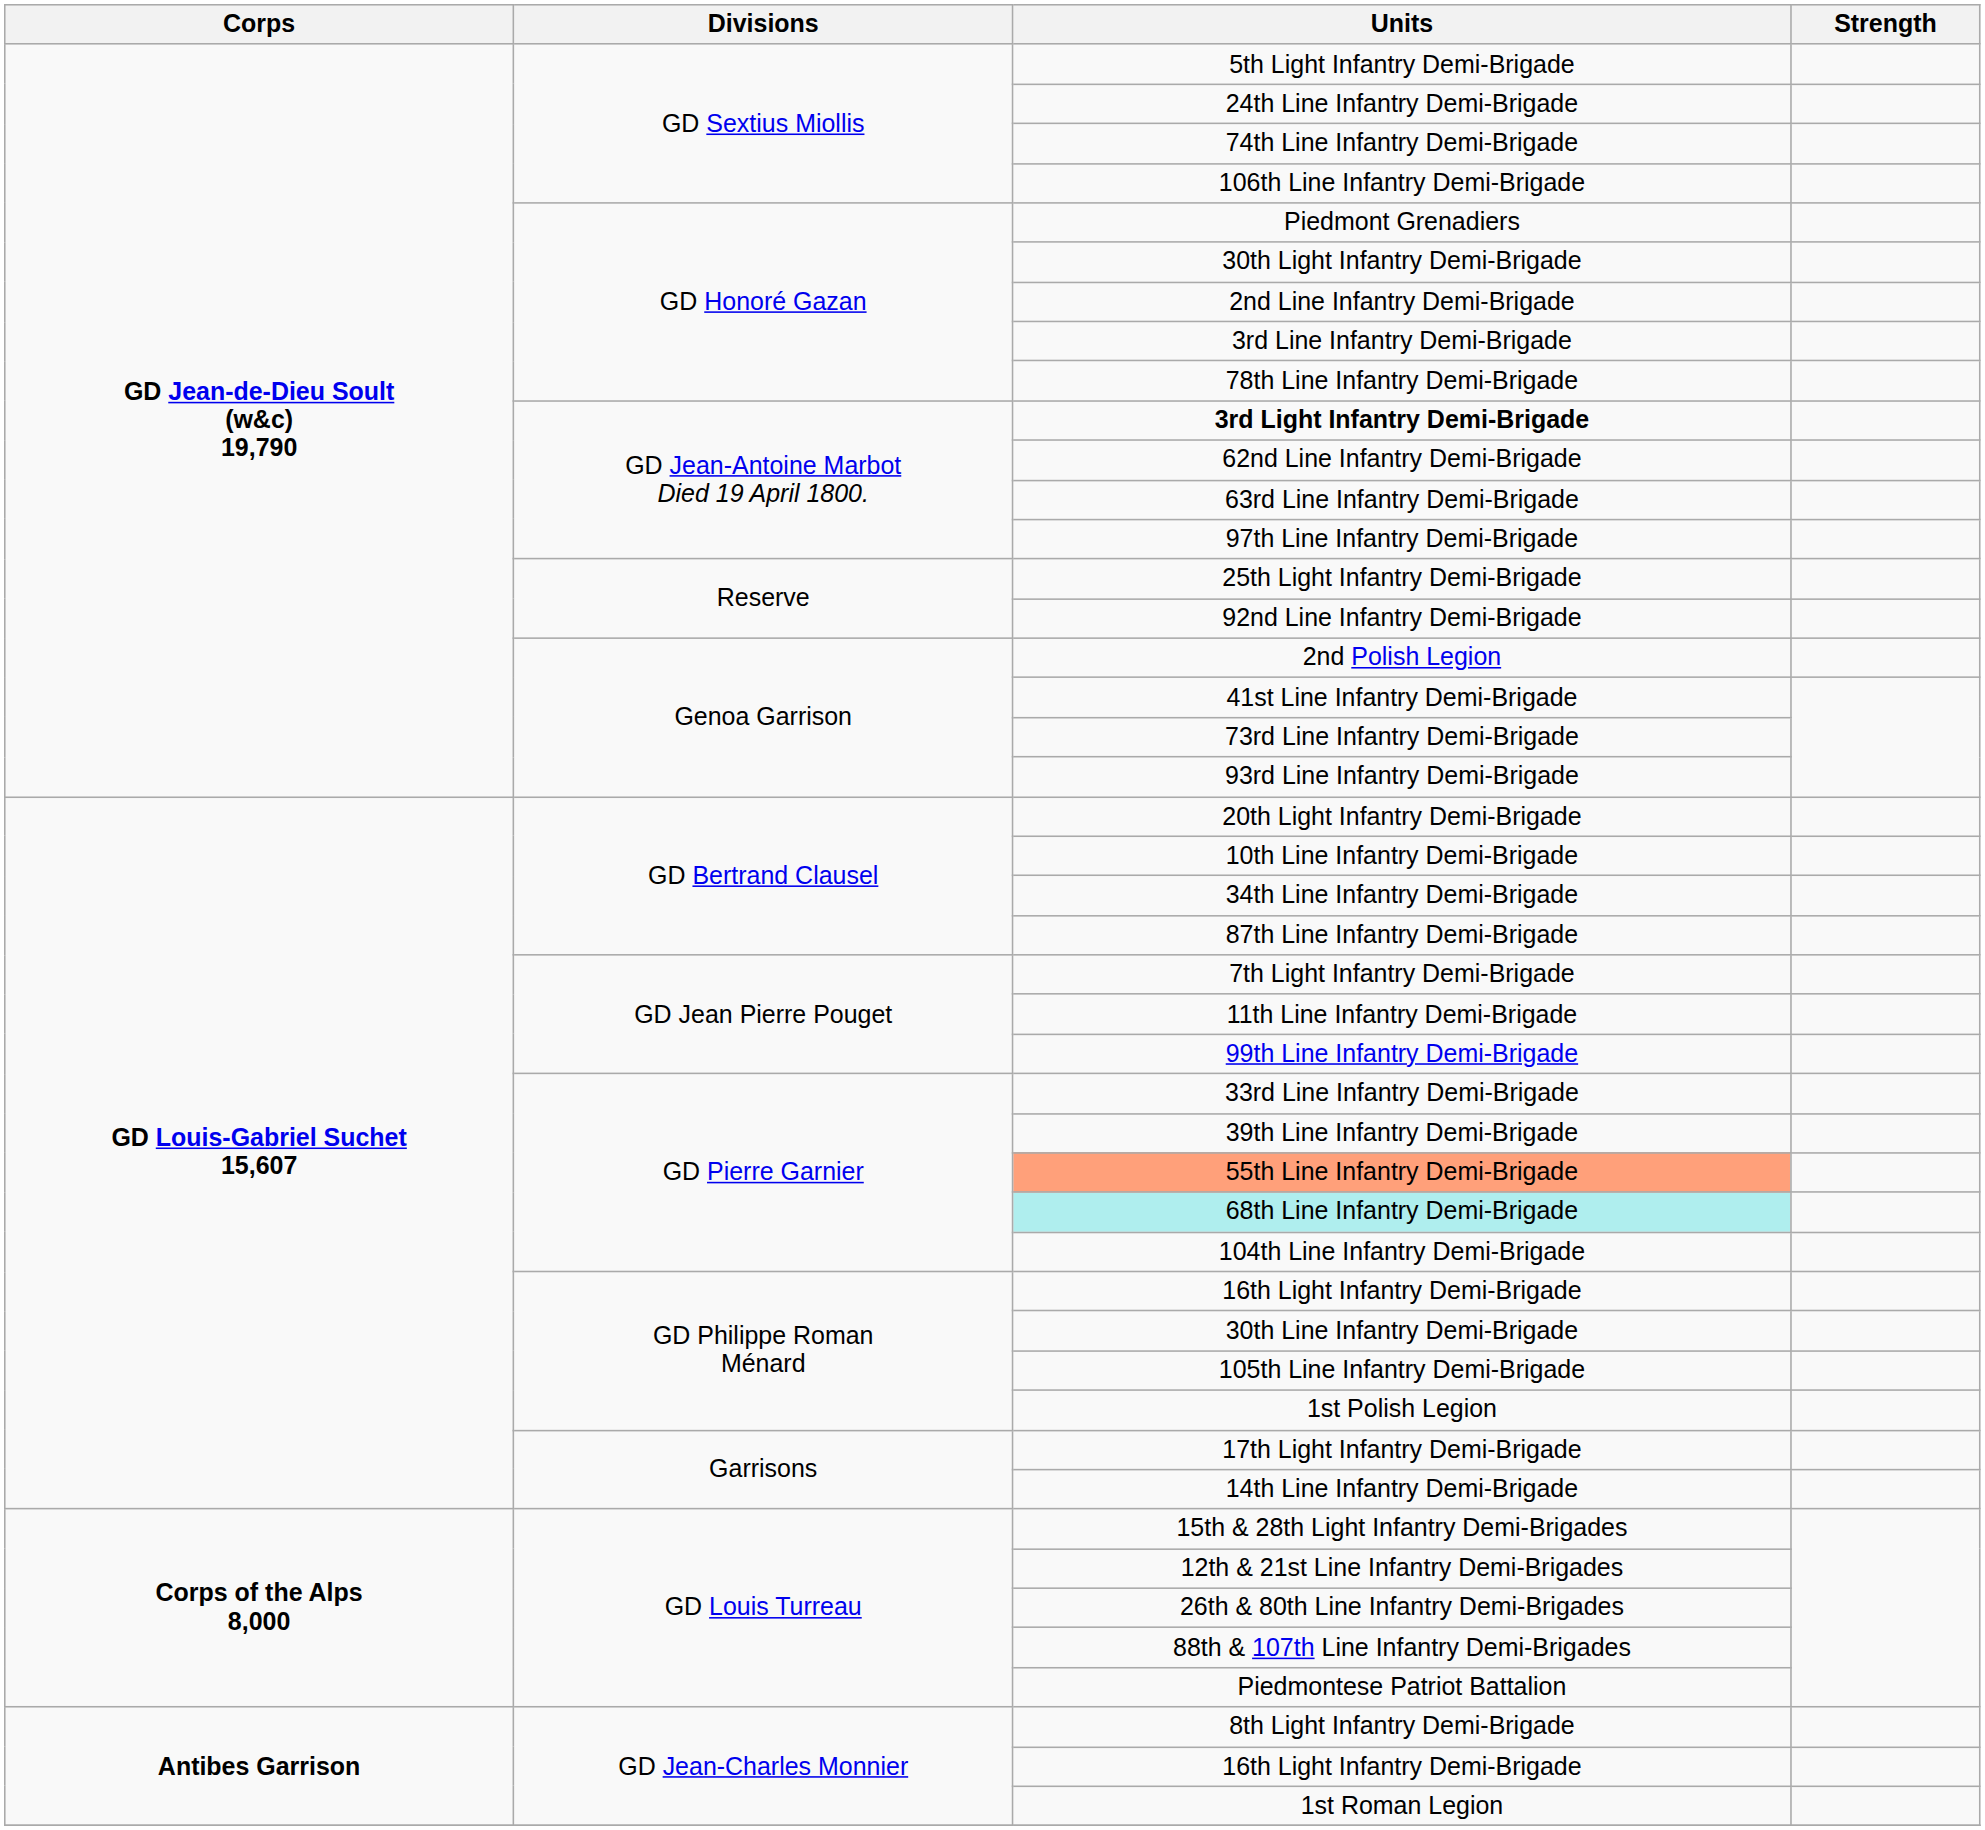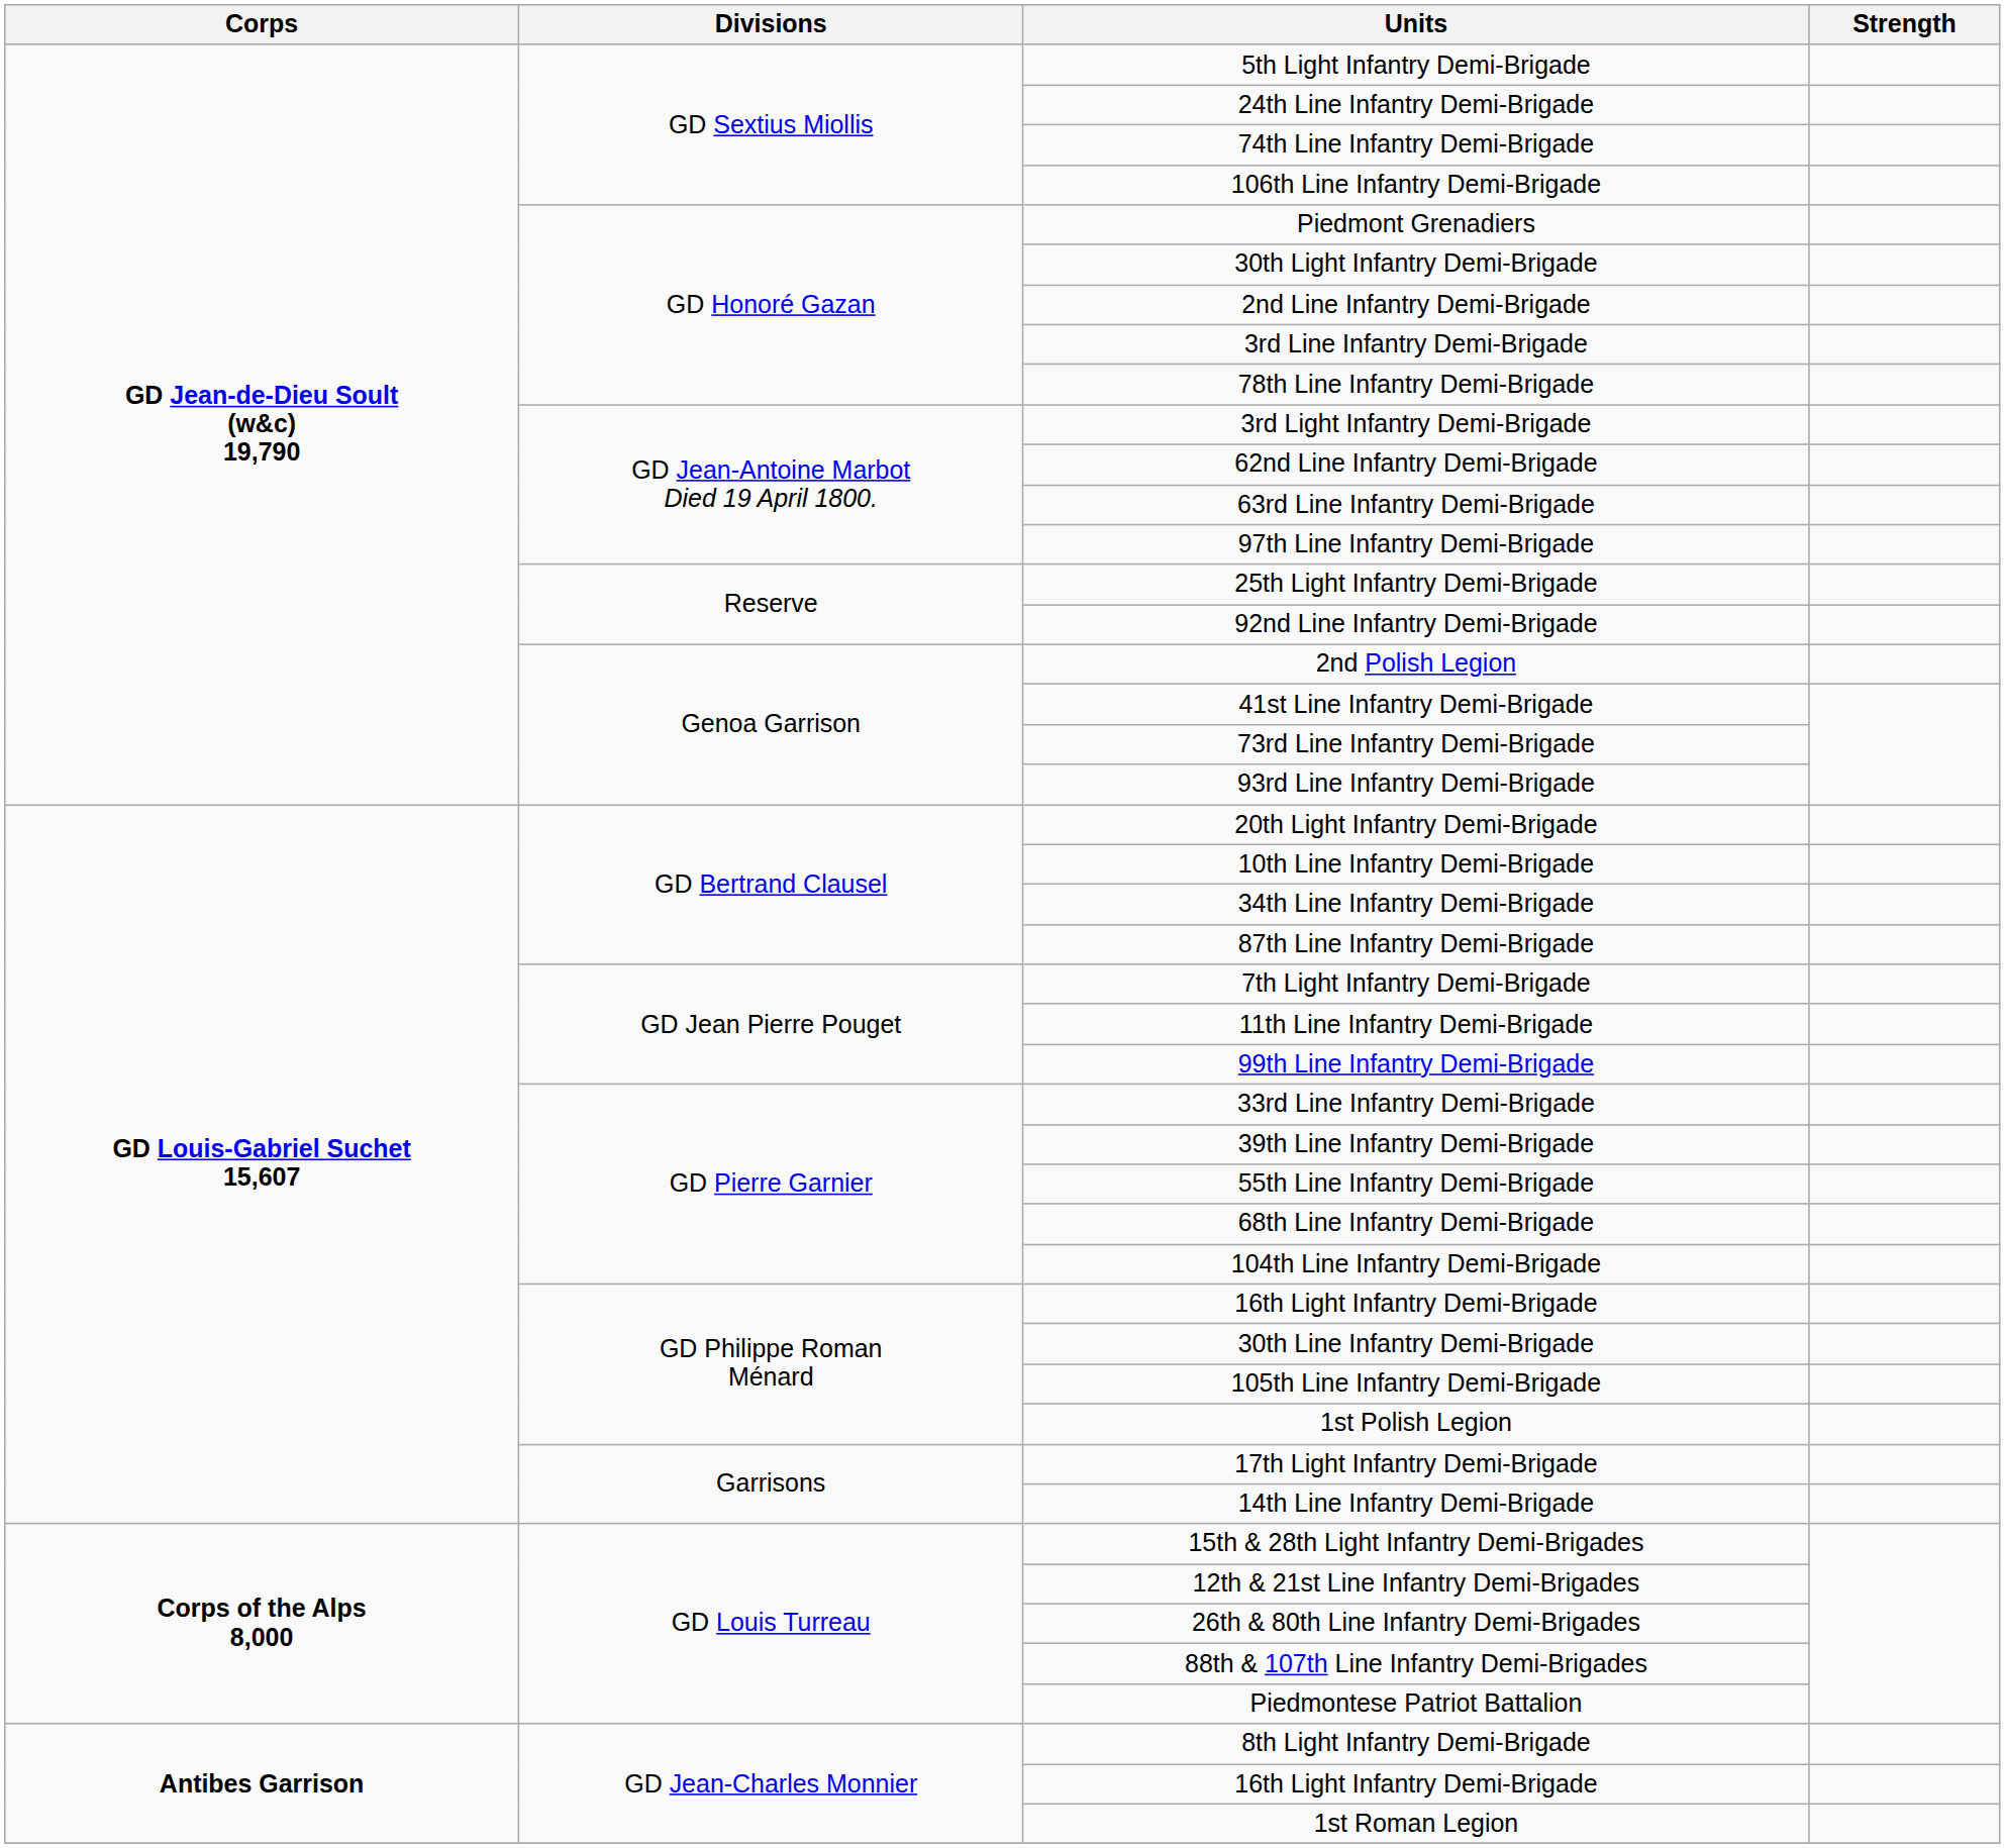 <table class="wikitable" style="text-align:center; width:80%;">
 <tr>
 <th>Corps</th>
 <th>Divisions</th>
 <th>Units</th>
 <th>Strength</th>
 </tr>
 <tr>
 <td rowspan=19><strong>GD <a href='#'>Jean-de-Dieu Soult</a><br>(w&c)<br>19,790</strong></td>
 <td rowspan=4>GD <a href='#'>Sextius Miollis</a></td>
 <td>5th Light Infantry Demi-Brigade</td>
 <td></td>
 </tr>
 <tr>
 <td>24th Line Infantry Demi-Brigade</td>
 <td></td>
 </tr>
 <tr>
 <td>74th Line Infantry Demi-Brigade</td>
 <td></td>
 </tr>
 <tr>
 <td>106th Line Infantry Demi-Brigade</td>
 <td></td>
 </tr>
 <tr>
 <td rowspan=5>GD <a href='#'>Honoré Gazan</a></td>
 <td>Piedmont Grenadiers</td>
 <td></td>
 </tr>
 <tr>
 <td>30th Light Infantry Demi-Brigade</td>
 <td></td>
 </tr>
 <tr>
 <td>2nd Line Infantry Demi-Brigade</td>
 <td></td>
 </tr>
 <tr>
 <td>3rd Line Infantry Demi-Brigade</td>
 <td></td>
 </tr>
 <tr>
 <td>78th Line Infantry Demi-Brigade</td>
 <td></td>
 </tr>
 <tr>
 <td rowspan=4>GD <a href='#'>Jean-Antoine Marbot</a><br><em>Died 19 April 1800.</em></td>
-<td><strong>3rd Light Infantry Demi-Brigade</strong></td>
+<td>3rd Light Infantry Demi-Brigade</td>
 <td></td>
 </tr>
 <tr>
 <td>62nd Line Infantry Demi-Brigade</td>
 <td></td>
 </tr>
 <tr>
 <td>63rd Line Infantry Demi-Brigade</td>
 <td></td>
 </tr>
 <tr>
 <td>97th Line Infantry Demi-Brigade</td>
 <td></td>
 </tr>
 <tr>
 <td rowspan=2>Reserve</td>
 <td>25th Light Infantry Demi-Brigade</td>
 <td></td>
 </tr>
 <tr>
 <td>92nd Line Infantry Demi-Brigade</td>
 <td></td>
 </tr>
 <tr>
 <td rowspan=4>Genoa Garrison</td>
 <td>2nd <a href='#'>Polish Legion</a></td>
 <td></td>
 </tr>
 <tr>
 <td>41st Line Infantry Demi-Brigade</td>
 <td rowspan=3></td>
 </tr>
 <tr>
 <td>73rd Line Infantry Demi-Brigade</td>
 </tr>
 <tr>
 <td>93rd Line Infantry Demi-Brigade</td>
 </tr>
 <tr>
 <td rowspan=18><strong>GD <a href='#'>Louis-Gabriel Suchet</a></strong><br><strong>15,607</strong></td>
 <td rowspan=4>GD <a href='#'>Bertrand Clausel</a></td>
 <td>20th Light Infantry Demi-Brigade</td>
 <td></td>
 </tr>
 <tr>
 <td>10th Line Infantry Demi-Brigade</td>
 <td></td>
 </tr>
 <tr>
 <td>34th Line Infantry Demi-Brigade</td>
 <td></td>
 </tr>
 <tr>
 <td>87th Line Infantry Demi-Brigade</td>
 <td></td>
 </tr>
 <tr>
 <td rowspan=3>GD Jean Pierre Pouget</td>
 <td>7th Light Infantry Demi-Brigade</td>
 <td></td>
 </tr>
 <tr>
 <td>11th Line Infantry Demi-Brigade</td>
 <td></td>
 </tr>
 <tr>
 <td><a href='#'>99th Line Infantry Demi-Brigade</a></td>
 <td></td>
 </tr>
 <tr>
 <td rowspan=5>GD <a href='#'>Pierre Garnier</a></td>
 <td>33rd Line Infantry Demi-Brigade</td>
 <td></td>
 </tr>
 <tr>
 <td>39th Line Infantry Demi-Brigade</td>
 <td></td>
 </tr>
 <tr>
-<td style="background: lightsalmon;">55th Line Infantry Demi-Brigade</td>
+<td>55th Line Infantry Demi-Brigade</td>
 <td></td>
 </tr>
 <tr>
-<td style="background: paleturquoise;">68th Line Infantry Demi-Brigade</td>
+<td>68th Line Infantry Demi-Brigade</td>
 <td></td>
 </tr>
 <tr>
 <td>104th Line Infantry Demi-Brigade</td>
 <td></td>
 </tr>
 <tr>
 <td rowspan=4>GD Philippe Roman<br>Ménard</td>
 <td>16th Light Infantry Demi-Brigade</td>
 <td></td>
 </tr>
 <tr>
 <td>30th Line Infantry Demi-Brigade</td>
 <td></td>
 </tr>
 <tr>
 <td>105th Line Infantry Demi-Brigade</td>
 <td></td>
 </tr>
 <tr>
 <td>1st Polish Legion</td>
 <td></td>
 </tr>
 <tr>
 <td rowspan=2>Garrisons</td>
 <td>17th Light Infantry Demi-Brigade</td>
 <td></td>
 </tr>
 <tr>
 <td>14th Line Infantry Demi-Brigade</td>
 <td></td>
 </tr>
 <tr>
 <td rowspan=5><strong>Corps of the Alps</strong><br><strong>8,000</strong></td>
 <td rowspan=5>GD <a href='#'>Louis Turreau</a></td>
 <td>15th & 28th Light Infantry Demi-Brigades</td>
 <td rowspan=5></td>
 </tr>
 <tr>
 <td>12th & 21st Line Infantry Demi-Brigades</td>
 </tr>
 <tr>
 <td>26th & 80th Line Infantry Demi-Brigades</td>
 </tr>
 <tr>
 <td>88th & <a href='#'>107th</a> Line Infantry Demi-Brigades</td>
 </tr>
 <tr>
 <td>Piedmontese Patriot Battalion</td>
 </tr>
 <tr>
 <td rowspan=3><strong>Antibes Garrison</strong></td>
 <td rowspan=3>GD <a href='#'>Jean-Charles Monnier</a></td>
 <td>8th Light Infantry Demi-Brigade</td>
 <td></td>
 </tr>
 <tr>
 <td>16th Light Infantry Demi-Brigade</td>
 <td></td>
 </tr>
 <tr>
 <td>1st Roman Legion</td>
 <td></td>
 </tr>
 <tr>
 </tr>
 </table>
